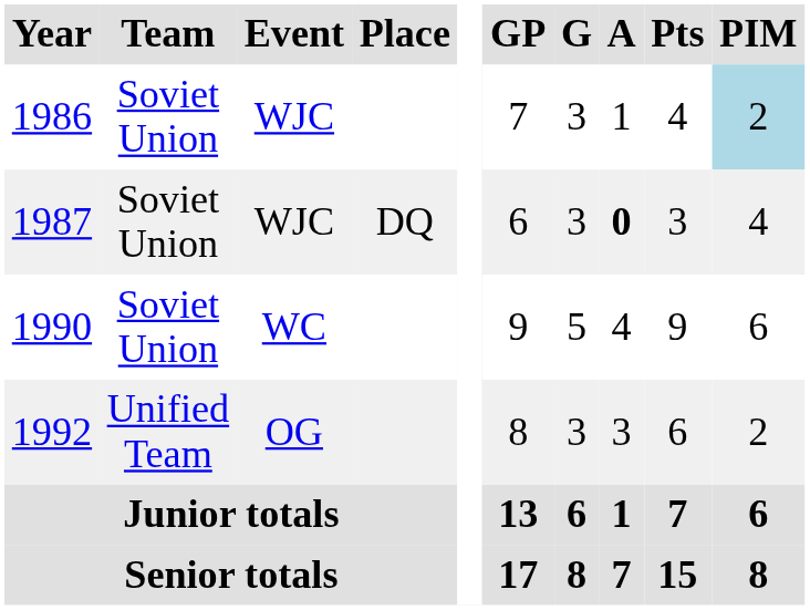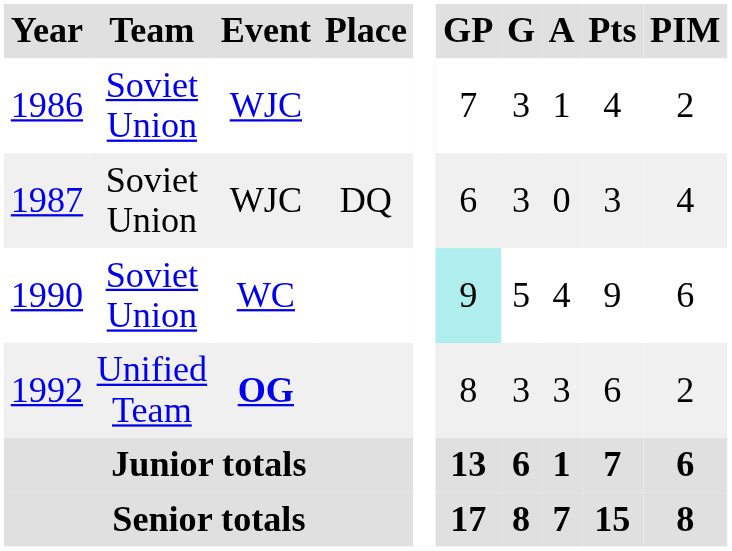 <table border="0" cellpadding="3" cellspacing="0" width=40%>
 <tr align="center" bgcolor="#e0e0e0">
 <th>Year</th>
 <th>Team</th>
 <th>Event</th>
 <th>Place</th>
 <th align="center" rowspan="99" bgcolor="#ffffff"> </th>
 <th>GP</th>
 <th>G</th>
 <th>A</th>
 <th>Pts</th>
 <th>PIM</th>
 </tr>
 <tr align="center">
 <td><a href='#'>1986</a></td>
 <td><a href='#'>Soviet Union</a></td>
 <td><a href='#'>WJC</a></td>
 <td></td>
 <td>7</td>
 <td>3</td>
 <td>1</td>
 <td>4</td>
-<td style="background: lightblue;">2</td>
+<td>2</td>
 </tr>
 <tr align="center" bgcolor="#f0f0f0">
 <td><a href='#'>1987</a></td>
 <td>Soviet Union</td>
 <td>WJC</td>
 <td>DQ</td>
 <td>6</td>
 <td>3</td>
-<td><strong>0</strong></td>
+<td>0</td>
 <td>3</td>
 <td>4</td>
 </tr>
 <tr align="center">
 <td><a href='#'>1990</a></td>
 <td><a href='#'>Soviet Union</a></td>
 <td><a href='#'>WC</a></td>
 <td></td>
-<td>9</td>
+<td style="background: paleturquoise;">9</td>
 <td>5</td>
 <td>4</td>
 <td>9</td>
 <td>6</td>
 </tr>
 <tr align="center" bgcolor="#f0f0f0">
 <td><a href='#'>1992</a></td>
 <td><a href='#'>Unified Team</a></td>
-<td><a href='#'>OG</a></td>
+<td><strong><a href='#'>OG</a></strong></td>
 <td></td>
 <td>8</td>
 <td>3</td>
 <td>3</td>
 <td>6</td>
 <td>2</td>
 </tr>
 <tr bgcolor="#e0e0e0">
 <th colspan="4">Junior totals</th>
 <th>13</th>
 <th>6</th>
 <th>1</th>
 <th>7</th>
 <th>6</th>
 </tr>
 <tr bgcolor="#e0e0e0">
 <th colspan="4">Senior totals</th>
 <th>17</th>
 <th>8</th>
 <th>7</th>
 <th>15</th>
 <th>8</th>
 </tr>
 </table>
